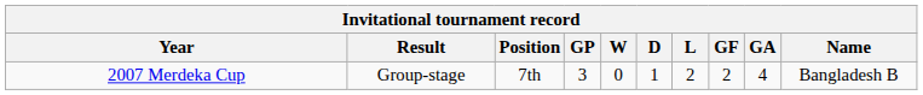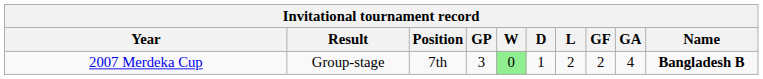 <table class="wikitable" style="text-align: center;">
 <tr>
 <th colspan=10>Invitational tournament record</th>
 </tr>
 <tr>
 <th width="300">Year</th>
 <th width="125">Result</th>
 <th width="15">Position</th>
 <th width="25">GP</th>
 <th width="25">W</th>
 <th width="25">D</th>
 <th width="25">L</th>
 <th width="25">GF</th>
 <th width="25">GA</th>
 <th width="115">Name</th>
 </tr>
 <tr>
 <td><a href='#'>2007 Merdeka Cup</a></td>
 <td>Group-stage</td>
 <td>7th</td>
 <td>3</td>
-<td>0</td>
+<td style="background: lightgreen;">0</td>
 <td>1</td>
 <td>2</td>
 <td>2</td>
 <td>4</td>
-<td>Bangladesh B</td>
+<td><strong>Bangladesh B</strong></td>
 </tr>
 </table>
